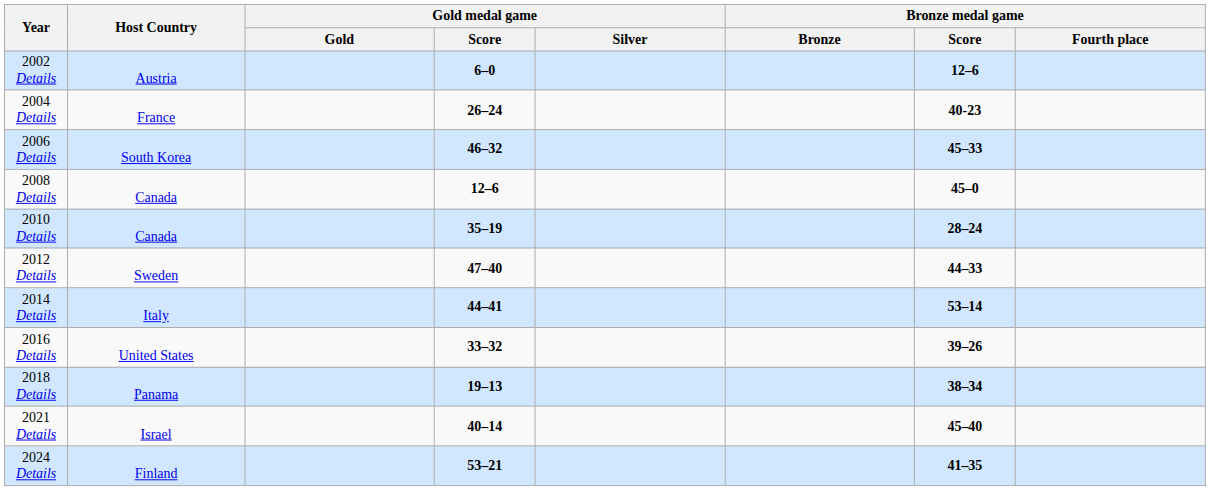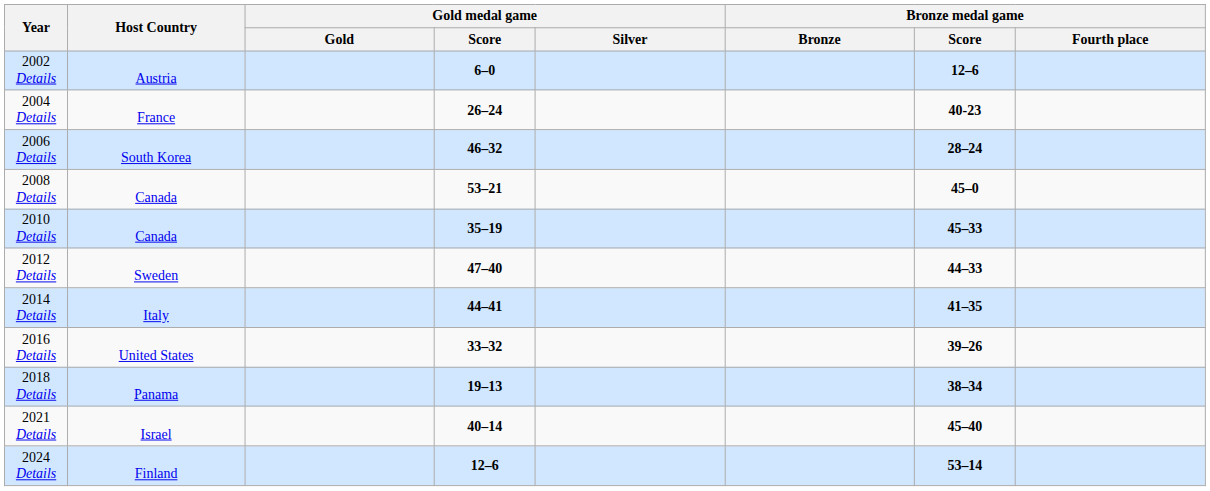 <table class="wikitable" style="font-size:90%; width: 98%; text-align: center;">
 <tr>
 <th rowspan=2 width=5%>Year</th>
 <th rowspan=2 width=14%>Host Country</th>
 <th colspan=3>Gold medal game</th>
 <th colspan=3>Bronze medal game</th>
 </tr>
 <tr bgcolor=#EFEFEF>
 <th width=15%>Gold</th>
 <th width=8%>Score</th>
 <th width=15%>Silver</th>
 <th width=15%>Bronze</th>
 <th width=8%>Score</th>
 <th width=15%>Fourth place</th>
 </tr>
 <tr bgcolor=#D0E7FF>
 <td>2002 <br> <em><a href='#'>Details</a></em></td>
 <td><br><a href='#'>Austria</a></td>
 <td><strong></strong></td>
 <td><strong>6–0</strong></td>
 <td></td>
 <td></td>
 <td><strong>12–6</strong></td>
 <td></td>
 </tr>
 <tr>
 <td>2004 <br> <em><a href='#'>Details</a></em></td>
 <td><br><a href='#'>France</a></td>
 <td><strong></strong></td>
 <td><strong>26–24</strong></td>
 <td></td>
 <td></td>
 <td><strong>40-23</strong></td>
 <td></td>
 </tr>
 <tr bgcolor=#D0E7FF>
 <td>2006 <br> <em><a href='#'>Details</a></em></td>
 <td><br><a href='#'>South Korea</a></td>
 <td><strong></strong></td>
 <td><strong>46–32</strong></td>
 <td></td>
 <td></td>
-<td><strong>45–33</strong></td>
+<td><strong>28–24</strong></td>
 <td></td>
 </tr>
 <tr>
 <td>2008 <br> <em><a href='#'>Details</a></em></td>
 <td><br><a href='#'>Canada</a></td>
 <td><strong></strong></td>
-<td><strong>12–6</strong></td>
+<td><strong>53–21</strong></td>
 <td></td>
 <td></td>
 <td><strong>45–0</strong></td>
 <td></td>
 </tr>
 <tr bgcolor=#D0E7FF>
 <td>2010 <br> <em><a href='#'>Details</a></em></td>
 <td><br><a href='#'>Canada</a></td>
 <td><strong></strong></td>
 <td><strong>35–19</strong></td>
 <td></td>
 <td></td>
-<td><strong>28–24</strong></td>
+<td><strong>45–33</strong></td>
 <td></td>
 </tr>
 <tr>
 <td>2012 <br> <em><a href='#'>Details</a></em></td>
 <td><br><a href='#'>Sweden</a></td>
 <td><strong></strong></td>
 <td><strong>47–40</strong></td>
 <td></td>
 <td></td>
 <td><strong>44–33</strong></td>
 <td></td>
 </tr>
 <tr bgcolor=#D0E7FF>
 <td>2014 <br> <em><a href='#'>Details</a></em></td>
 <td><br><a href='#'>Italy</a></td>
 <td><strong></strong></td>
 <td><strong>44–41</strong></td>
 <td></td>
 <td></td>
-<td><strong>53–14</strong></td>
+<td><strong>41–35</strong></td>
 <td></td>
 </tr>
 <tr>
 <td>2016 <br> <em><a href='#'>Details</a></em></td>
 <td><br><a href='#'>United States</a></td>
 <td><strong></strong></td>
 <td><strong>33–32</strong></td>
 <td></td>
 <td></td>
 <td><strong>39–26</strong></td>
 <td></td>
 </tr>
 <tr bgcolor=D0E7FF>
 <td>2018 <br> <em><a href='#'>Details</a></em></td>
 <td><br><a href='#'>Panama</a></td>
 <td><strong></strong></td>
 <td><strong>19–13</strong></td>
 <td></td>
 <td></td>
 <td><strong>38–34</strong></td>
 <td></td>
 </tr>
 <tr>
 <td>2021 <br> <em><a href='#'>Details</a></em></td>
 <td><br><a href='#'>Israel</a></td>
 <td><strong></strong></td>
 <td><strong>40–14</strong></td>
 <td></td>
 <td></td>
 <td><strong>45–40</strong></td>
 <td></td>
 </tr>
 <tr bgcolor=D0E7FF>
 <td>2024 <br> <em><a href='#'>Details</a></em></td>
 <td><br><a href='#'>Finland</a></td>
 <td><strong></strong></td>
-<td><strong>53–21</strong></td>
+<td><strong>12–6</strong></td>
 <td></td>
 <td></td>
-<td><strong>41–35</strong></td>
+<td><strong>53–14</strong></td>
 <td></td>
 </tr>
 </table>
